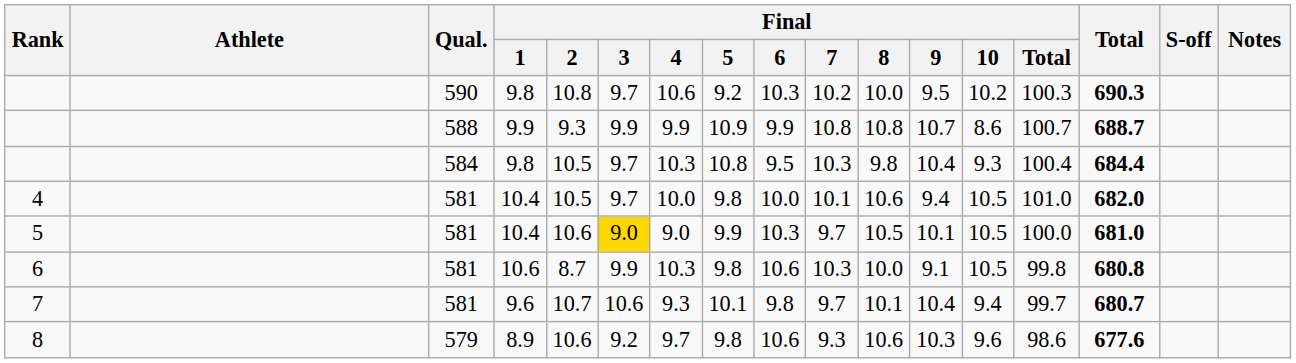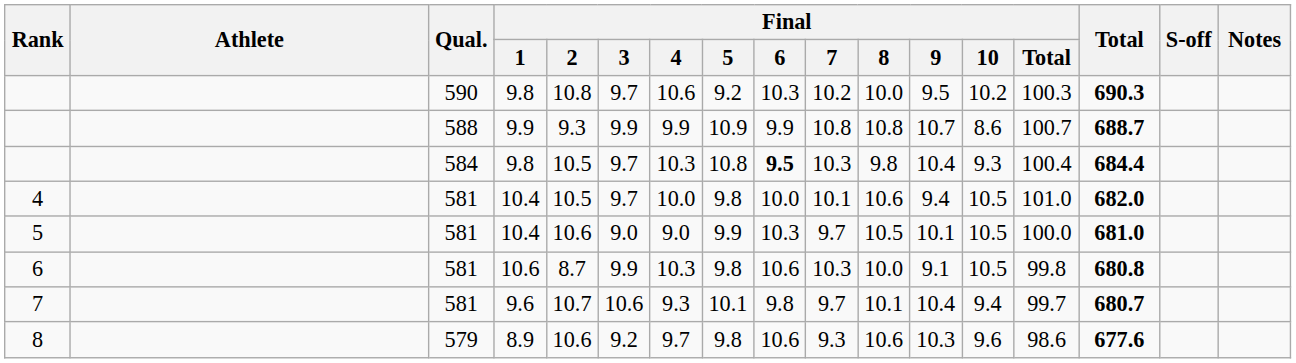 <table class="wikitable" style="text-align:center">
 <tr>
 <th rowspan=2 width=40>Rank</th>
 <th rowspan=2 width=250>Athlete</th>
 <th rowspan=2 width=40>Qual.</th>
 <th colspan=11>Final</th>
 <th rowspan=2 width=50>Total</th>
 <th rowspan=2 width=35>S-off</th>
 <th rowspan=2 width=45>Notes</th>
 </tr>
 <tr>
 <th width=30>1</th>
 <th width=30>2</th>
 <th width=30>3</th>
 <th width=30>4</th>
 <th width=30>5</th>
 <th width=30>6</th>
 <th width=30>7</th>
 <th width=30>8</th>
 <th width=30>9</th>
 <th width=30>10</th>
 <th width=40>Total</th>
 </tr>
 <tr>
 <td></td>
 <td align=left></td>
 <td>590</td>
 <td>9.8</td>
 <td>10.8</td>
 <td>9.7</td>
 <td>10.6</td>
 <td>9.2</td>
 <td>10.3</td>
 <td>10.2</td>
 <td>10.0</td>
 <td>9.5</td>
 <td>10.2</td>
 <td>100.3</td>
 <td><strong>690.3</strong></td>
 <td></td>
 <td></td>
 </tr>
 <tr>
 <td></td>
 <td align=left></td>
 <td>588</td>
 <td>9.9</td>
 <td>9.3</td>
 <td>9.9</td>
 <td>9.9</td>
 <td>10.9</td>
 <td>9.9</td>
 <td>10.8</td>
 <td>10.8</td>
 <td>10.7</td>
 <td>8.6</td>
 <td>100.7</td>
 <td><strong>688.7</strong></td>
 <td></td>
 <td></td>
 </tr>
 <tr>
 <td></td>
 <td align=left></td>
 <td>584</td>
 <td>9.8</td>
 <td>10.5</td>
 <td>9.7</td>
 <td>10.3</td>
 <td>10.8</td>
-<td>9.5</td>
+<td><strong>9.5</strong></td>
 <td>10.3</td>
 <td>9.8</td>
 <td>10.4</td>
 <td>9.3</td>
 <td>100.4</td>
 <td><strong>684.4</strong></td>
 <td></td>
 <td></td>
 </tr>
 <tr>
 <td>4</td>
 <td align=left></td>
 <td>581</td>
 <td>10.4</td>
 <td>10.5</td>
 <td>9.7</td>
 <td>10.0</td>
 <td>9.8</td>
 <td>10.0</td>
 <td>10.1</td>
 <td>10.6</td>
 <td>9.4</td>
 <td>10.5</td>
 <td>101.0</td>
 <td><strong>682.0</strong></td>
 <td></td>
 <td></td>
 </tr>
 <tr>
 <td>5</td>
 <td align=left></td>
 <td>581</td>
 <td>10.4</td>
 <td>10.6</td>
-<td style="background: gold;">9.0</td>
+<td>9.0</td>
 <td>9.0</td>
 <td>9.9</td>
 <td>10.3</td>
 <td>9.7</td>
 <td>10.5</td>
 <td>10.1</td>
 <td>10.5</td>
 <td>100.0</td>
 <td><strong>681.0</strong></td>
 <td></td>
 <td></td>
 </tr>
 <tr>
 <td>6</td>
 <td align=left></td>
 <td>581</td>
 <td>10.6</td>
 <td>8.7</td>
 <td>9.9</td>
 <td>10.3</td>
 <td>9.8</td>
 <td>10.6</td>
 <td>10.3</td>
 <td>10.0</td>
 <td>9.1</td>
 <td>10.5</td>
 <td>99.8</td>
 <td><strong>680.8</strong></td>
 <td></td>
 <td></td>
 </tr>
 <tr>
 <td>7</td>
 <td align=left></td>
 <td>581</td>
 <td>9.6</td>
 <td>10.7</td>
 <td>10.6</td>
 <td>9.3</td>
 <td>10.1</td>
 <td>9.8</td>
 <td>9.7</td>
 <td>10.1</td>
 <td>10.4</td>
 <td>9.4</td>
 <td>99.7</td>
 <td><strong>680.7</strong></td>
 <td></td>
 <td></td>
 </tr>
 <tr>
 <td>8</td>
 <td align=left></td>
 <td>579</td>
 <td>8.9</td>
 <td>10.6</td>
 <td>9.2</td>
 <td>9.7</td>
 <td>9.8</td>
 <td>10.6</td>
 <td>9.3</td>
 <td>10.6</td>
 <td>10.3</td>
 <td>9.6</td>
 <td>98.6</td>
 <td><strong>677.6</strong></td>
 <td></td>
 <td></td>
 </tr>
 </table>
